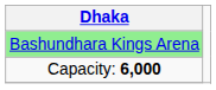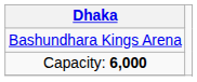 <table class="wikitable" style="text-align:center; margin:0.2em auto;">
 <tr>
 <th><a href='#'>Dhaka</a></th>
 <td rowspan="4"></td>
 </tr>
 <tr>
-<td style="background: lightgreen;"><a href='#'>Bashundhara Kings Arena</a></td>
+<td><a href='#'>Bashundhara Kings Arena</a></td>
 </tr>
 <tr>
 <td>Capacity: <strong>6,000</strong></td>
 </tr>
 <tr>
 </tr>
 </table>
